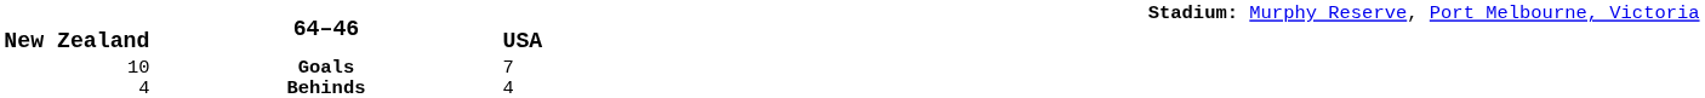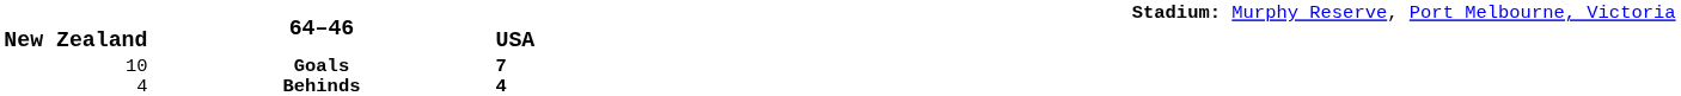 <table style="width: 100%; background: transparent;" cellspacing="0">
 <tr>
 <td align=center valign=top rowspan=3 width=15%></td>
 </tr>
 <tr>
 <td width=24% align=right><br><strong>New Zealand</strong></td>
 <td align=center width=13%><strong>64–46</strong></td>
 <td width=24%><br><strong>USA</strong></td>
 <td style=font-size:85% rowspan=2 valign=top><strong>Stadium:</strong>  <a href='#'>Murphy Reserve</a>, <a href='#'>Port Melbourne, Victoria</a></td>
 </tr>
 <tr style=font-size:85%>
 <td align=right valign=top>10<br> 4</td>
 <td align=center valign=top><strong>Goals <br>Behinds</strong></td>
-<td valign=top>7<br> 4</td>
+<td valign=top><strong>7<br> 4</strong></td>
 </tr>
 </table>
